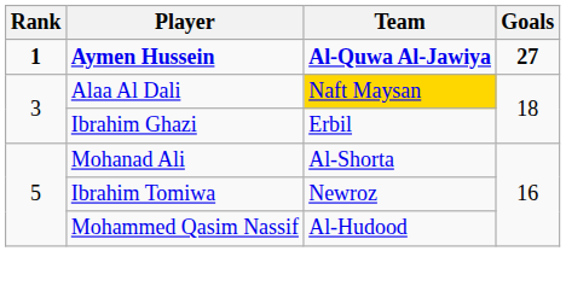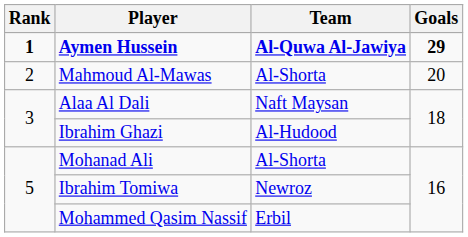 <table class="wikitable" style="text-align:center">
 <tr>
 <th>Rank</th>
 <th>Player</th>
 <th>Team</th>
 <th>Goals</th>
 </tr>
 <tr>
 <td><strong>1</strong></td>
 <td align="left"> <strong><a href='#'>Aymen Hussein</a></strong></td>
 <td align="left"><strong><a href='#'>Al-Quwa Al-Jawiya</a></strong></td>
-<td><strong>27</strong></td>
+<td><strong>29</strong></td>
+</tr>
+<tr>
+<td>2</td>
+<td align=left> <a href='#'>Mahmoud Al-Mawas</a></td>
+<td align=left><a href='#'>Al-Shorta</a></td>
+<td>20</td>
 </tr>
 <tr>
 <td rowspan=2>3</td>
 <td align="left"> <a href='#'>Alaa Al Dali</a></td>
-<td align="left" style="background: gold;"><a href='#'>Naft Maysan</a></td>
+<td align="left"><a href='#'>Naft Maysan</a></td>
 <td rowspan=2>18</td>
 </tr>
 <tr>
 <td align=left> <a href='#'>Ibrahim Ghazi</a></td>
-<td align=left><a href='#'>Erbil</a></td>
+<td align=left><a href='#'>Al-Hudood</a></td>
 </tr>
 <tr>
 <td rowspan=3>5</td>
 <td align=left> <a href='#'>Mohanad Ali</a></td>
 <td align=left><a href='#'>Al-Shorta</a></td>
 <td rowspan=3>16</td>
 </tr>
 <tr>
 <td align=left> <a href='#'>Ibrahim Tomiwa</a></td>
 <td align=left><a href='#'>Newroz</a></td>
 </tr>
 <tr>
 <td align=left> <a href='#'>Mohammed Qasim Nassif</a></td>
-<td align=left><a href='#'>Al-Hudood</a></td>
+<td align=left><a href='#'>Erbil</a></td>
 </tr>
 </table>
